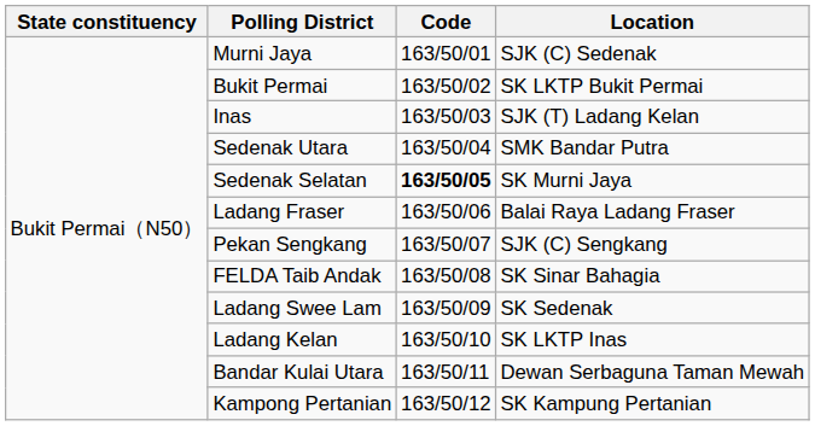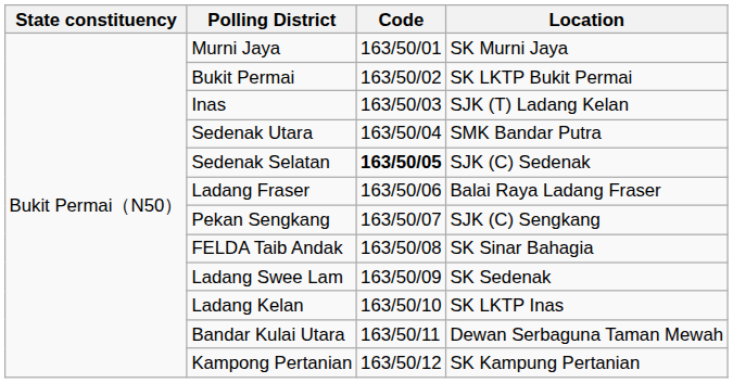 <table class="wikitable sortable mw-collapsible" style="white-space:nowrap;font-size:85%">
 <tr>
 <th>State constituency</th>
 <th>Polling District</th>
 <th>Code</th>
 <th>Location</th>
 </tr>
 <tr>
 <td rowspan="12">Bukit Permai（N50）</td>
 <td>Murni Jaya</td>
 <td>163/50/01</td>
-<td>SJK (C) Sedenak</td>
+<td>SK Murni Jaya</td>
 </tr>
 <tr>
 <td>Bukit Permai</td>
 <td>163/50/02</td>
 <td>SK LKTP Bukit Permai</td>
 </tr>
 <tr>
 <td>Inas</td>
 <td>163/50/03</td>
 <td>SJK (T) Ladang Kelan</td>
 </tr>
 <tr>
 <td>Sedenak Utara</td>
 <td>163/50/04</td>
 <td>SMK Bandar Putra</td>
 </tr>
 <tr>
 <td>Sedenak Selatan</td>
 <td><strong>163/50/05</strong></td>
-<td>SK Murni Jaya</td>
+<td>SJK (C) Sedenak</td>
 </tr>
 <tr>
 <td>Ladang Fraser</td>
 <td>163/50/06</td>
 <td>Balai Raya Ladang Fraser</td>
 </tr>
 <tr>
 <td>Pekan Sengkang</td>
 <td>163/50/07</td>
 <td>SJK (C) Sengkang</td>
 </tr>
 <tr>
 <td>FELDA Taib Andak</td>
 <td>163/50/08</td>
 <td>SK Sinar Bahagia</td>
 </tr>
 <tr>
 <td>Ladang Swee Lam</td>
 <td>163/50/09</td>
 <td>SK Sedenak</td>
 </tr>
 <tr>
 <td>Ladang Kelan</td>
 <td>163/50/10</td>
 <td>SK LKTP Inas</td>
 </tr>
 <tr>
 <td>Bandar Kulai Utara</td>
 <td>163/50/11</td>
 <td>Dewan Serbaguna Taman Mewah</td>
 </tr>
 <tr>
 <td>Kampong Pertanian</td>
 <td>163/50/12</td>
 <td>SK Kampung Pertanian</td>
 </tr>
 </table>
